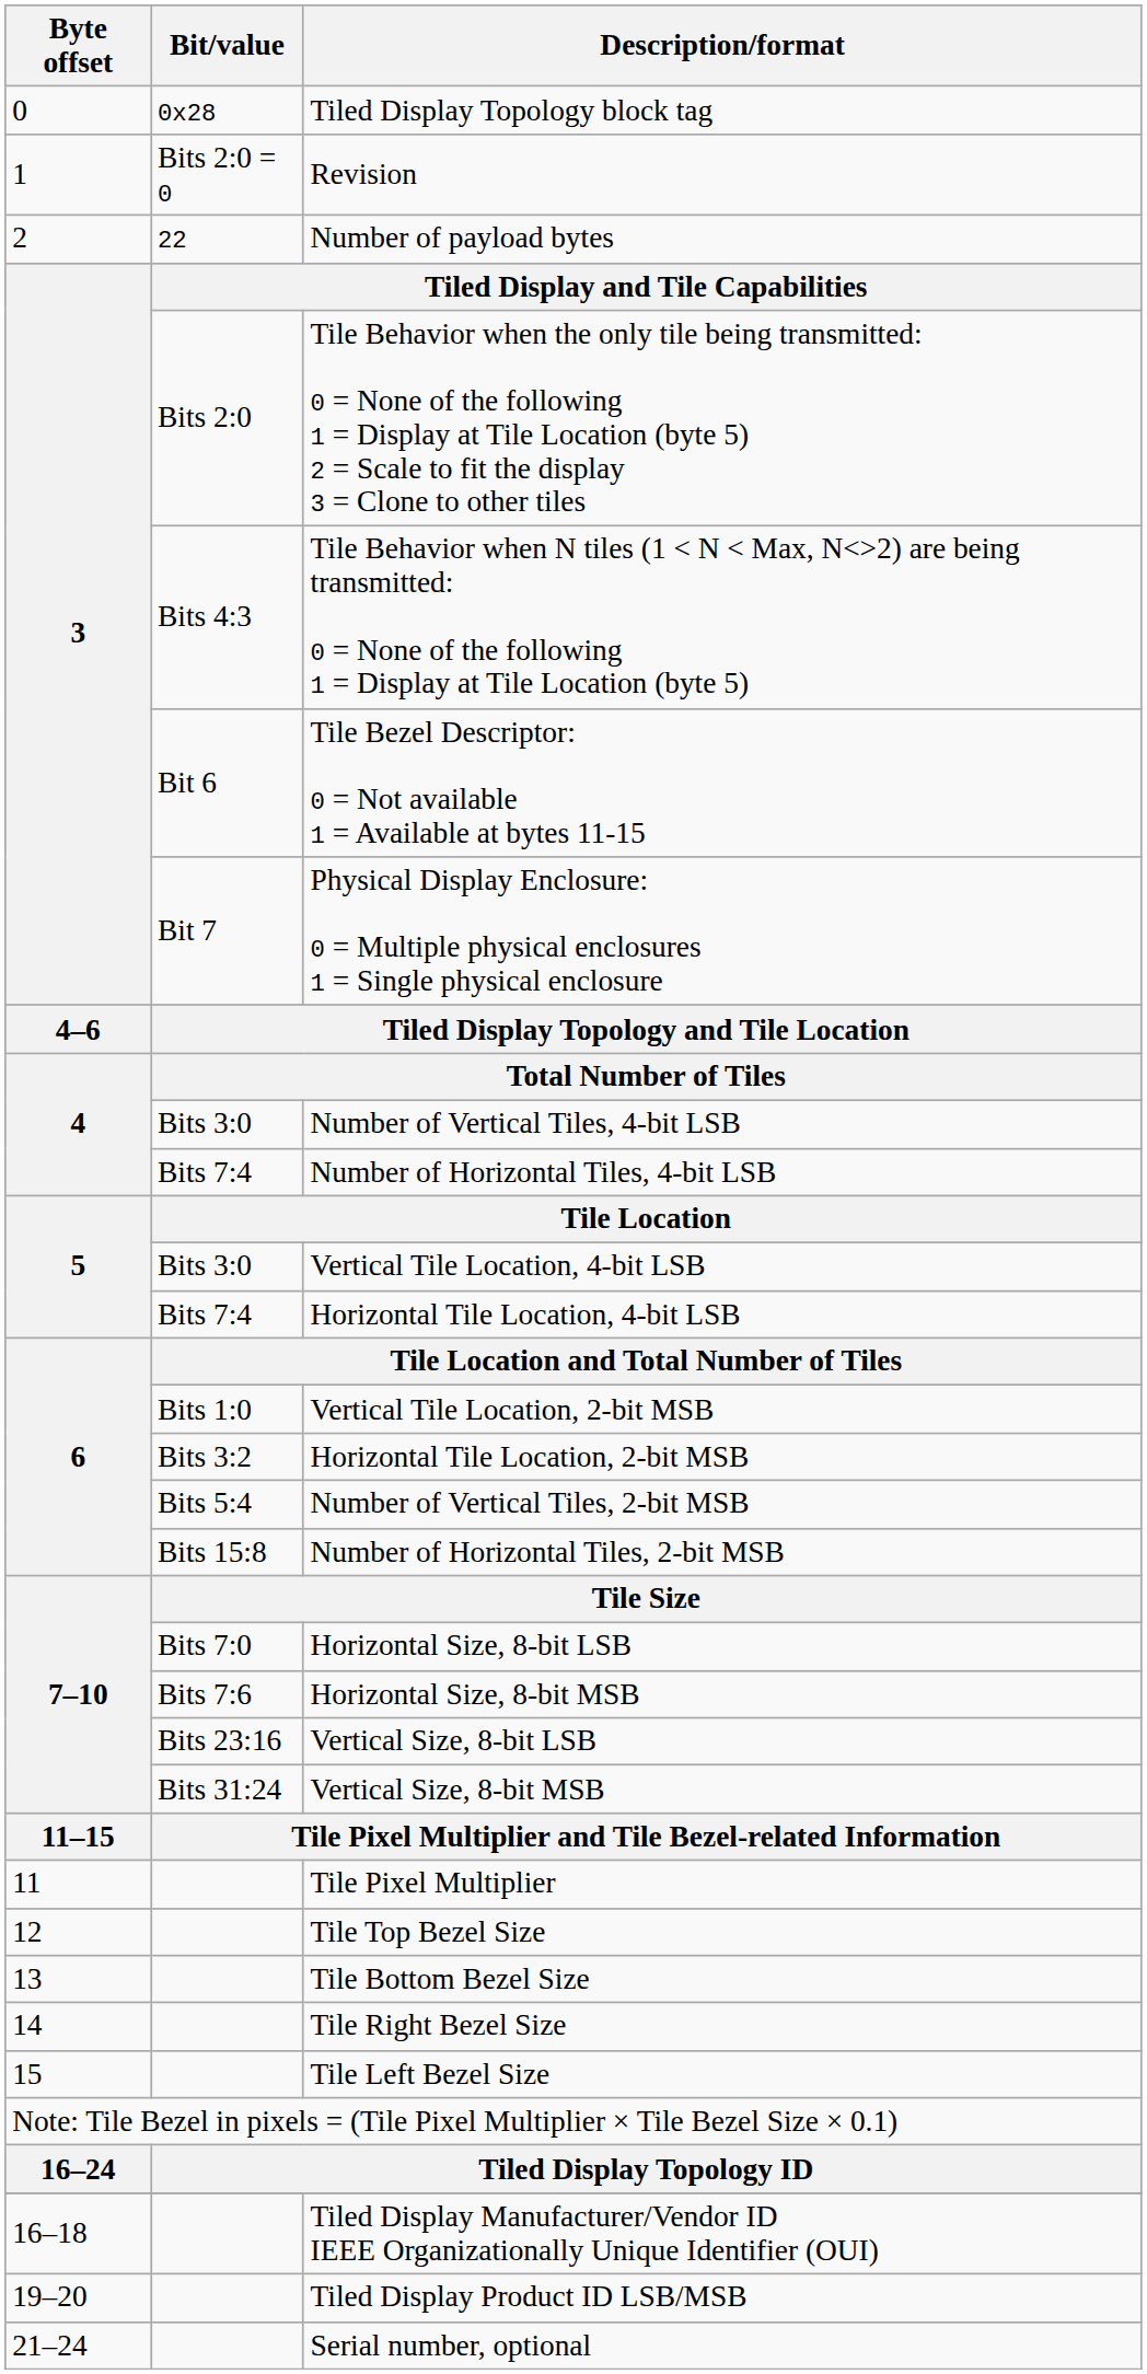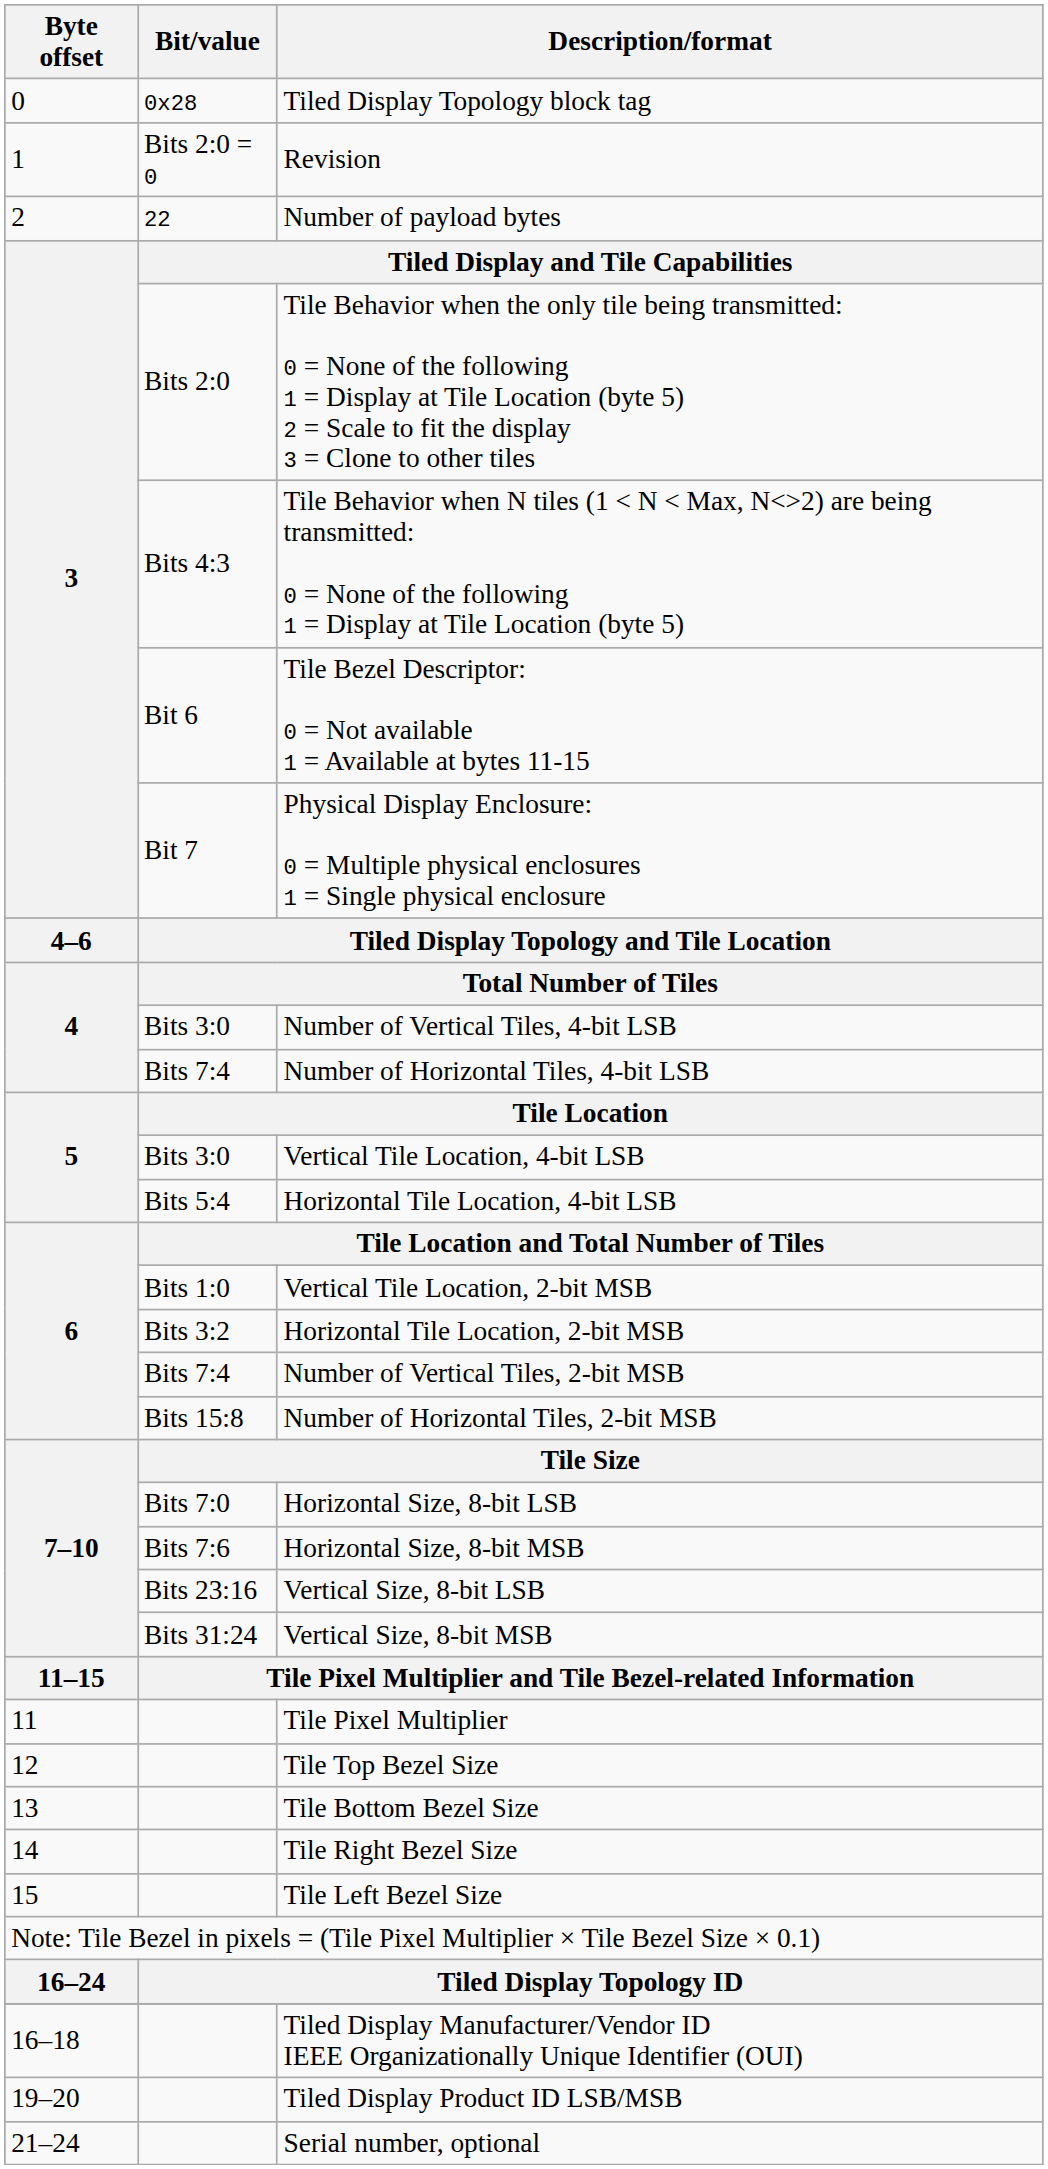 <table class=wikitable>
 <tr>
 <th>Byte offset</th>
 <th>Bit/value</th>
 <th>Description/format</th>
 </tr>
 <tr>
 <td>0</td>
 <td><code>0x28</code></td>
 <td>Tiled Display Topology block tag</td>
 </tr>
 <tr>
 <td>1</td>
 <td>Bits 2:0 = <code>0</code></td>
 <td>Revision</td>
 </tr>
 <tr>
 <td>2</td>
 <td><code>22</code></td>
 <td>Number of payload bytes</td>
 </tr>
 <tr>
 <th rowspan=5>3</th>
 <th colspan=2>Tiled Display and Tile Capabilities</th>
 </tr>
 <tr>
 <td>Bits 2:0</td>
 <td>Tile Behavior when the only tile being transmitted:<br><br><code>0</code> = None of the following<br> <code>1</code> = Display at Tile Location (byte 5)<br> <code>2</code> = Scale to fit the display<br> <code>3</code> = Clone to other tiles</td>
 </tr>
 <tr>
 <td>Bits 4:3</td>
 <td>Tile Behavior when N tiles (1 < N < Max, N<>2) are being transmitted:<br><br><code>0</code> = None of the following<br> <code>1</code> = Display at Tile Location (byte 5)</td>
 </tr>
 <tr>
 <td>Bit 6</td>
 <td>Tile Bezel Descriptor:<br><br><code>0</code> = Not available<br> <code>1</code> = Available at bytes 11-15</td>
 </tr>
 <tr>
 <td>Bit 7</td>
 <td>Physical Display Enclosure:<br><br><code>0</code> = Multiple physical enclosures<br> <code>1</code> = Single physical enclosure</td>
 </tr>
 <tr>
 <th>4–6</th>
 <th colspan=2>Tiled Display Topology and Tile Location</th>
 </tr>
 <tr>
 <th rowspan=3>4</th>
 <th colspan=2>Total Number of Tiles</th>
 </tr>
 <tr>
 <td>Bits 3:0</td>
 <td>Number of Vertical Tiles, 4-bit LSB</td>
 </tr>
 <tr>
 <td>Bits 7:4</td>
 <td>Number of Horizontal Tiles, 4-bit LSB</td>
 </tr>
 <tr>
 <th rowspan=3>5</th>
 <th colspan=2>Tile Location</th>
 </tr>
 <tr>
 <td>Bits 3:0</td>
 <td>Vertical Tile Location, 4-bit LSB</td>
 </tr>
 <tr>
-<td>Bits 7:4</td>
+<td>Bits 5:4</td>
 <td>Horizontal Tile Location, 4-bit LSB</td>
 </tr>
 <tr>
 <th rowspan=5>6</th>
 <th colspan=2>Tile Location and Total Number of Tiles</th>
 </tr>
 <tr>
 <td>Bits 1:0</td>
 <td>Vertical Tile Location, 2-bit MSB</td>
 </tr>
 <tr>
 <td>Bits 3:2</td>
 <td>Horizontal Tile Location, 2-bit MSB</td>
 </tr>
 <tr>
-<td>Bits 5:4</td>
+<td>Bits 7:4</td>
 <td>Number of Vertical Tiles, 2-bit MSB</td>
 </tr>
 <tr>
 <td>Bits 15:8</td>
 <td>Number of Horizontal Tiles, 2-bit MSB</td>
 </tr>
 <tr>
 <th rowspan=5>7–10</th>
 <th colspan=2>Tile Size</th>
 </tr>
 <tr>
 <td>Bits 7:0</td>
 <td>Horizontal Size, 8-bit LSB</td>
 </tr>
 <tr>
 <td>Bits 7:6</td>
 <td>Horizontal Size, 8-bit MSB</td>
 </tr>
 <tr>
 <td>Bits 23:16</td>
 <td>Vertical Size, 8-bit LSB</td>
 </tr>
 <tr>
 <td>Bits 31:24</td>
 <td>Vertical Size, 8-bit MSB</td>
 </tr>
 <tr>
 <th>11–15</th>
 <th colspan=2>Tile Pixel Multiplier and Tile Bezel-related Information</th>
 </tr>
 <tr>
 <td>11</td>
 <td></td>
 <td>Tile Pixel Multiplier</td>
 </tr>
 <tr>
 <td>12</td>
 <td></td>
 <td>Tile Top Bezel Size</td>
 </tr>
 <tr>
 <td>13</td>
 <td></td>
 <td>Tile Bottom Bezel Size</td>
 </tr>
 <tr>
 <td>14</td>
 <td></td>
 <td>Tile Right Bezel Size</td>
 </tr>
 <tr>
 <td>15</td>
 <td></td>
 <td>Tile Left Bezel Size</td>
 </tr>
 <tr>
 <td colspan=3>Note: Tile Bezel in pixels = (Tile Pixel Multiplier × Tile Bezel Size × 0.1)</td>
 </tr>
 <tr>
 <th>16–24</th>
 <th colspan=2>Tiled Display Topology ID</th>
 </tr>
 <tr>
 </tr>
 <tr>
 <td>16–18</td>
 <td></td>
 <td>Tiled Display Manufacturer/Vendor ID <br>IEEE Organizationally Unique Identifier (OUI)</td>
 </tr>
 <tr>
 <td>19–20</td>
 <td></td>
 <td>Tiled Display Product ID LSB/MSB</td>
 </tr>
 <tr>
 <td>21–24</td>
 <td></td>
 <td>Serial number, optional</td>
 </tr>
 </table>
